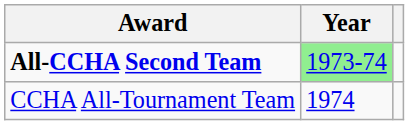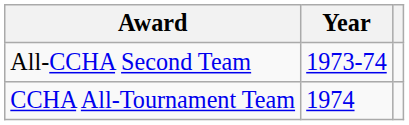 <table class="wikitable">
 <tr>
 <th>Award</th>
 <th>Year</th>
 <th></th>
 </tr>
 <tr>
-<td><strong>All-<a href='#'>CCHA</a> <a href='#'>Second Team</a></strong></td>
-<td style="background: lightgreen;"><a href='#'>1973-74</a></td>
+<td>All-<a href='#'>CCHA</a> <a href='#'>Second Team</a></td>
+<td><a href='#'>1973-74</a></td>
 <td></td>
 </tr>
 <tr>
 <td><a href='#'>CCHA</a> <a href='#'>All-Tournament Team</a></td>
 <td><a href='#'>1974</a></td>
 <td></td>
 </tr>
 </table>
